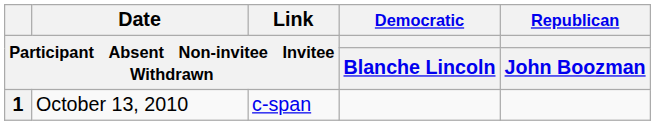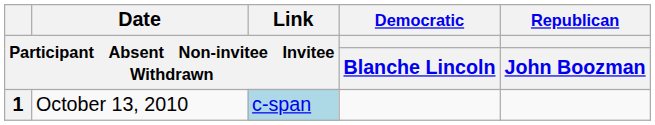 <table class="wikitable">
 <tr>
 <th scope="col"></th>
 <th scope="col">Date</th>
 <th scope="col">Link</th>
 <th scope="col"><small><a href='#'>Democratic</a></small></th>
 <th scope="col"><small><a href='#'>Republican</a></small></th>
 </tr>
 <tr>
 <th colspan="3" rowspan="2"> <small>Participant  </small> <small>Absent  </small> <small>Non-invitee  </small> <small>Invitee</small><br><small> Withdrawn</small></th>
 <th scope="col"></th>
 <th scope="col"></th>
 </tr>
 <tr>
 <th scope="col"><a href='#'>Blanche Lincoln</a></th>
 <th scope="col"><a href='#'>John Boozman</a></th>
 </tr>
 <tr>
 <th scope="row">1</th>
 <td>October 13, 2010</td>
-<td><a href='#'>c-span</a></td>
+<td style="background: lightblue;"><a href='#'>c-span</a></td>
 <td></td>
 <td></td>
 </tr>
 </table>
